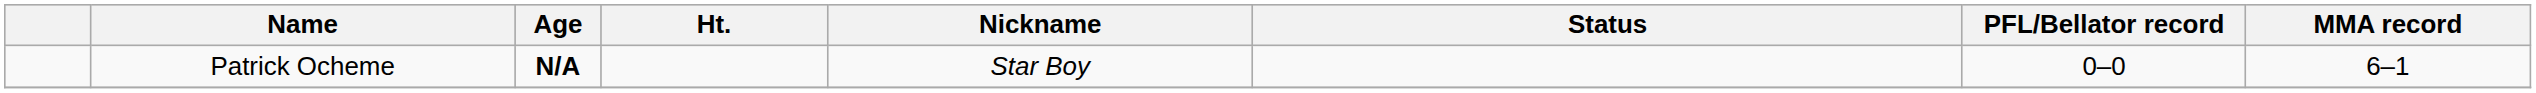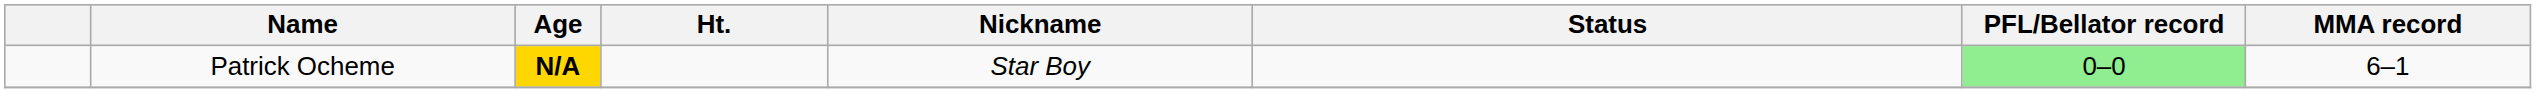 <table class="wikitable sortable" style="text-align:center;">
 <tr>
 <th width=3%></th>
 <th width=15%>Name</th>
 <th width=3%>Age</th>
 <th width=8%>Ht.</th>
 <th width="15%">Nickname</th>
 <th width=25%>Status</th>
 <th width=10%>PFL/Bellator record</th>
 <th width="10%">MMA record</th>
 </tr>
 <tr>
 <td></td>
 <td>Patrick Ocheme</td>
-<td><strong>N/A</strong></td>
+<td style="background: gold;"><strong>N/A</strong></td>
 <td></td>
 <td><em>Star Boy</em></td>
 <td></td>
-<td>0–0</td>
+<td style="background: lightgreen;">0–0</td>
 <td>6–1</td>
 </tr>
 <tr>
 </tr>
 </table>
